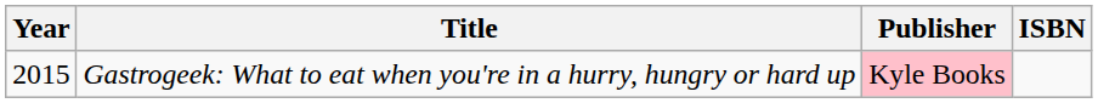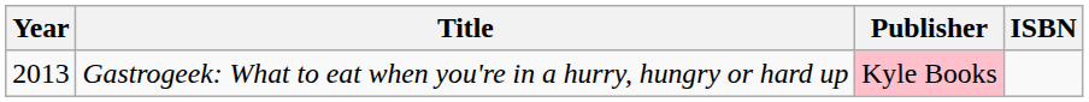 <table class="wikitable sortable">
 <tr>
 <th>Year</th>
 <th>Title</th>
 <th>Publisher</th>
 <th>ISBN</th>
 </tr>
 <tr>
-<td rowspan="1">2015</td>
+<td rowspan="1">2013</td>
 <td><em>Gastrogeek: What to eat when you're in a hurry, hungry or hard up</em></td>
 <td style="background: pink;">Kyle Books</td>
 <td></td>
 </tr>
 </table>
